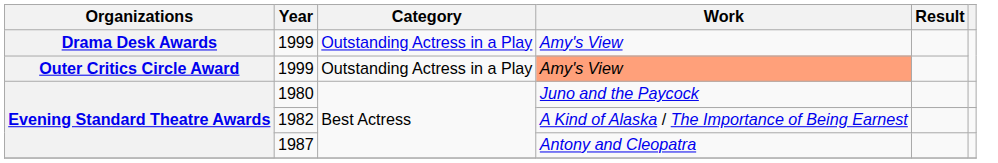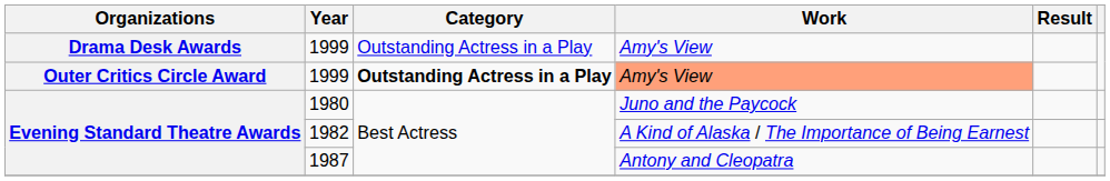 <table class= "wikitable plainrowheaders sortable">
 <tr>
 <th>Organizations</th>
 <th scope="col">Year</th>
 <th scope="col">Category</th>
 <th scope="col">Work</th>
 <th scope="col">Result</th>
 <th scope="col" class="unsortable"></th>
 </tr>
 <tr>
 <th scope="row" rowspan="1"><a href='#'>Drama Desk Awards</a></th>
 <td style="text-align:center;">1999</td>
 <td><a href='#'>Outstanding Actress in a Play</a></td>
 <td><em><a href='#'>Amy's View</a></em></td>
 <td></td>
 <td rowspan=2></td>
 </tr>
 <tr>
 <th scope="row" rowspan="1"><a href='#'>Outer Critics Circle Award</a></th>
 <td style="text-align:center;">1999</td>
-<td>Outstanding Actress in a Play</td>
+<td><strong>Outstanding Actress in a Play</strong></td>
 <td style="background: lightsalmon;"><em>Amy's View</em></td>
 <td></td>
 </tr>
 <tr>
 <th scope="row" rowspan="3"><a href='#'>Evening Standard Theatre Awards</a></th>
 <td style="text-align:center;">1980</td>
 <td rowspan=3>Best Actress</td>
 <td><em><a href='#'>Juno and the Paycock</a></em> </td>
 <td></td>
 <td></td>
 </tr>
 <tr>
 <td style="text-align:center;">1982</td>
 <td><em><a href='#'>A Kind of Alaska</a></em> / <em><a href='#'>The Importance of Being Earnest</a></em></td>
 <td></td>
 <td></td>
 </tr>
 <tr>
 <td style="text-align:center;">1987</td>
 <td><em><a href='#'>Antony and Cleopatra</a></em></td>
 <td></td>
 <td></td>
 </tr>
 <tr>
 </tr>
 </table>
